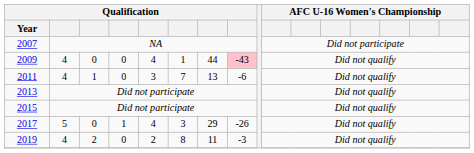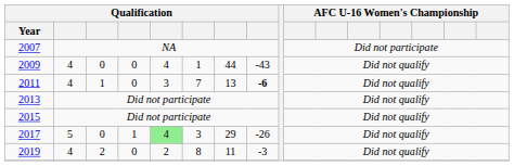 <table class="wikitable" style="text-align: center;">
 <tr>
 <th colspan=8>Qualification</th>
 <th style="width:1%;" rowspan="22"></th>
 <th colspan=7>AFC U-16 Women's Championship</th>
 </tr>
 <tr>
 <th width=50>Year</th>
 <th width=30></th>
 <th width=30></th>
 <th width=30></th>
 <th width=30></th>
 <th width=30></th>
 <th width=30></th>
 <th width=30></th>
 <th width=30></th>
 <th width=30></th>
 <th width=30></th>
 <th width=30></th>
 <th width=30></th>
 <th width=30></th>
 <th width=30></th>
 </tr>
 <tr>
 <td> <a href='#'>2007</a></td>
 <td colspan=8><em>NA</em></td>
 <td colspan=8><em>Did not participate</em></td>
 </tr>
 <tr>
 <td> <a href='#'>2009</a></td>
 <td>4</td>
 <td>0</td>
 <td>0</td>
 <td>4</td>
 <td>1</td>
 <td>44</td>
-<td style="background: pink;">-43</td>
+<td>-43</td>
 <td colspan=8><em>Did not qualify</em></td>
 </tr>
 <tr>
 <td> <a href='#'>2011</a></td>
 <td>4</td>
 <td>1</td>
 <td>0</td>
 <td>3</td>
 <td>7</td>
 <td>13</td>
-<td>-6</td>
+<td><strong>-6</strong></td>
 <td colspan=8><em>Did not qualify</em></td>
 </tr>
 <tr>
 <td> <a href='#'>2013</a></td>
 <td colspan=8><em>Did not participate</em></td>
 <td colspan=8><em>Did not qualify</em></td>
 </tr>
 <tr>
 <td> <a href='#'>2015</a></td>
 <td colspan=8><em>Did not participate</em></td>
 <td colspan=8><em>Did not qualify</em></td>
 </tr>
 <tr>
 <td> <a href='#'>2017</a></td>
 <td>5</td>
 <td>0</td>
 <td>1</td>
-<td>4</td>
+<td style="background: lightgreen;">4</td>
 <td>3</td>
 <td>29</td>
 <td>-26</td>
 <td colspan=8><em>Did not qualify</em></td>
 </tr>
 <tr>
 <td> <a href='#'>2019</a></td>
 <td>4</td>
 <td>2</td>
 <td>0</td>
 <td>2</td>
 <td>8</td>
 <td>11</td>
 <td>-3</td>
 <td colspan=8><em>Did not qualify</em></td>
 </tr>
 <tr>
 </tr>
 </table>
